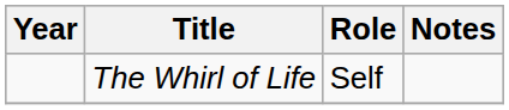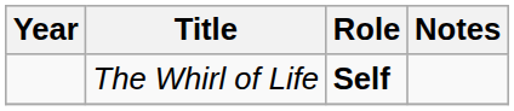 <table class="wikitable sortable">
 <tr>
 <th>Year</th>
 <th>Title</th>
 <th>Role</th>
 <th class="unsortable">Notes</th>
 </tr>
 <tr>
 <td></td>
 <td><em>The Whirl of Life</em></td>
-<td>Self</td>
+<td><strong>Self</strong></td>
 <td></td>
 </tr>
 <tr>
 </tr>
 </table>
